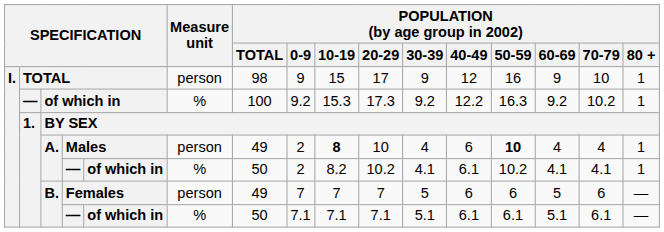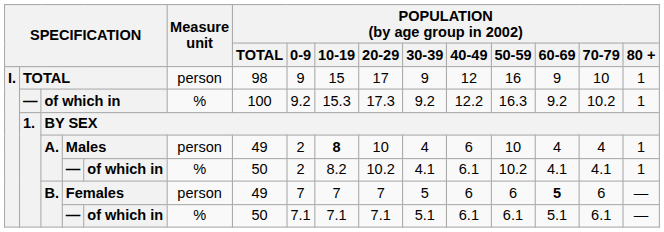 <table class="wikitable" style="font-size:85%; text-align:center">
 <tr>
 <th rowspan="2" colspan="5">SPECIFICATION</th>
 <th rowspan="2">Measure<br> unit</th>
 <th colspan="10" rowspan="1">POPULATION<br> (by age group in 2002)</th>
 </tr>
 <tr>
 <th>TOTAL</th>
 <th>0-9</th>
 <th>10-19</th>
 <th>20-29</th>
 <th>30-39</th>
 <th>40-49</th>
 <th>50-59</th>
 <th>60-69</th>
 <th>70-79</th>
 <th>80 +</th>
 </tr>
 <tr>
 <th style="text-align:left" valign="top" rowspan="7">I.</th>
 <th style="text-align:left" colspan="4">TOTAL</th>
 <td>person</td>
 <td>98</td>
 <td>9</td>
 <td>15</td>
 <td>17</td>
 <td>9</td>
 <td>12</td>
 <td>16</td>
 <td>9</td>
 <td>10</td>
 <td>1</td>
 </tr>
 <tr>
 <th style="text-align:left" valign="top">—</th>
 <th style="text-align:left" colspan="3">of which in</th>
 <td>%</td>
 <td>100</td>
 <td>9.2</td>
 <td>15.3</td>
 <td>17.3</td>
 <td>9.2</td>
 <td>12.2</td>
 <td>16.3</td>
 <td>9.2</td>
 <td>10.2</td>
 <td>1</td>
 </tr>
 <tr>
 <th style="text-align:left" valign="top" rowspan="5">1.</th>
 <th style="text-align:left" colspan="14">BY SEX</th>
 </tr>
 <tr>
 <th style="text-align:left" valign="top" rowspan="2">A.</th>
 <th style="text-align:left" colspan="2">Males</th>
 <td>person</td>
 <td>49</td>
 <td>2</td>
 <td><strong>8</strong></td>
 <td>10</td>
 <td>4</td>
 <td>6</td>
-<td><strong>10</strong></td>
+<td>10</td>
 <td>4</td>
 <td>4</td>
 <td>1</td>
 </tr>
 <tr>
 <th style="text-align:left" valign="top">—</th>
 <th style="text-align:left" colspan="1">of which in</th>
 <td>%</td>
 <td>50</td>
 <td>2</td>
 <td>8.2</td>
 <td>10.2</td>
 <td>4.1</td>
 <td>6.1</td>
 <td>10.2</td>
 <td>4.1</td>
 <td>4.1</td>
 <td>1</td>
 </tr>
 <tr>
 <th style="text-align:left" valign="top" rowspan="2">B.</th>
 <th style="text-align:left" colspan="2">Females</th>
 <td>person</td>
 <td>49</td>
 <td>7</td>
 <td>7</td>
 <td>7</td>
 <td>5</td>
 <td>6</td>
 <td>6</td>
-<td>5</td>
+<td><strong>5</strong></td>
 <td>6</td>
 <td>—</td>
 </tr>
 <tr>
 <th style="text-align:left" valign="top">—</th>
 <th style="text-align:left" colspan="1">of which in</th>
 <td>%</td>
 <td>50</td>
 <td>7.1</td>
 <td>7.1</td>
 <td>7.1</td>
 <td>5.1</td>
 <td>6.1</td>
 <td>6.1</td>
 <td>5.1</td>
 <td>6.1</td>
 <td>—</td>
 </tr>
 </table>
